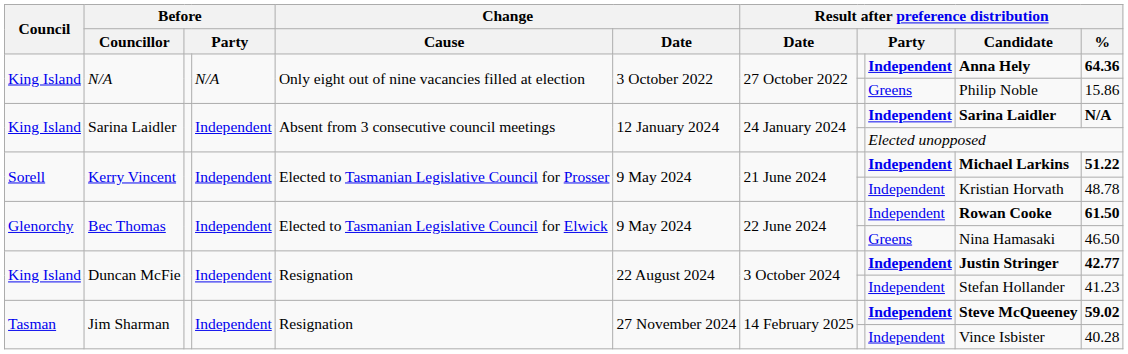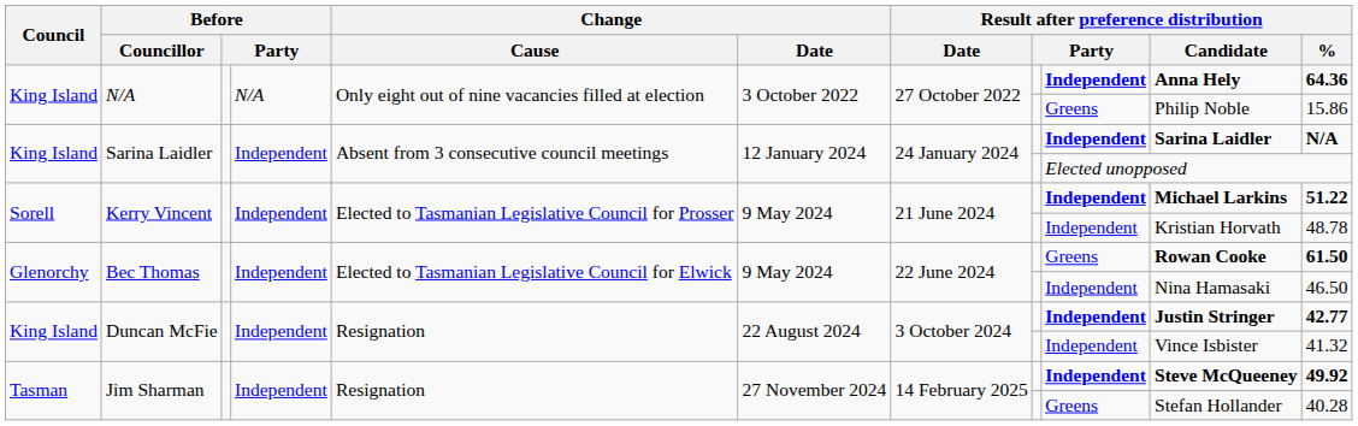 <table class="wikitable sortable" style="border: none;">
 <tr>
 <th rowspan="2">Council</th>
 <th colspan="3">Before</th>
 <th colspan="2">Change</th>
 <th colspan="7">Result after <a href='#'>preference distribution</a></th>
 </tr>
 <tr>
 <th>Councillor</th>
 <th colspan="2">Party</th>
 <th>Cause</th>
 <th>Date</th>
 <th>Date</th>
 <th colspan="2">Party</th>
 <th>Candidate</th>
 <th>%</th>
 </tr>
 <tr>
 <td rowspan="2"><a href='#'>King Island</a></td>
 <td rowspan="2"><em>N/A</em></td>
 <td rowspan="2" ></td>
 <td rowspan="2"><em>N/A</em></td>
 <td rowspan="2">Only eight out of nine vacancies filled at election</td>
 <td rowspan="2">3 October 2022</td>
 <td rowspan="2">27 October 2022</td>
 <td></td>
 <td><strong><a href='#'>Independent</a></strong></td>
 <td><strong>Anna Hely</strong></td>
 <td><strong>64.36</strong></td>
 </tr>
 <tr>
 <td></td>
 <td><a href='#'>Greens</a></td>
 <td>Philip Noble</td>
 <td>15.86</td>
 </tr>
 <tr>
 <td rowspan="2"><a href='#'>King Island</a></td>
 <td rowspan="2">Sarina Laidler</td>
 <td rowspan="2" ></td>
 <td rowspan="2"><a href='#'>Independent</a></td>
 <td rowspan="2">Absent from 3 consecutive council meetings</td>
 <td rowspan="2">12 January 2024</td>
 <td rowspan="2">24 January 2024</td>
 <td></td>
 <td><strong><a href='#'>Independent</a></strong></td>
 <td><strong>Sarina Laidler</strong></td>
 <td><strong>N/A</strong></td>
 </tr>
 <tr>
 <td></td>
 <td colspan="3"><em>Elected unopposed</em></td>
 </tr>
 <tr>
 <td rowspan="2"><a href='#'>Sorell</a></td>
 <td rowspan="2"><a href='#'>Kerry Vincent</a></td>
 <td rowspan="2" ></td>
 <td rowspan="2"><a href='#'>Independent</a></td>
 <td rowspan="2">Elected to <a href='#'>Tasmanian Legislative Council</a> for <a href='#'>Prosser</a></td>
 <td rowspan="2">9 May 2024</td>
 <td rowspan="2">21 June 2024</td>
 <td></td>
 <td><strong><a href='#'>Independent</a></strong></td>
 <td><strong>Michael Larkins</strong></td>
 <td><strong>51.22</strong></td>
 </tr>
 <tr>
 <td></td>
 <td><a href='#'>Independent</a></td>
 <td>Kristian Horvath</td>
 <td>48.78</td>
 </tr>
 <tr>
 <td rowspan="2"><a href='#'>Glenorchy</a></td>
 <td rowspan="2"><a href='#'>Bec Thomas</a></td>
 <td rowspan="2" ></td>
 <td rowspan="2"><a href='#'>Independent</a></td>
 <td rowspan="2">Elected to <a href='#'>Tasmanian Legislative Council</a> for <a href='#'>Elwick</a></td>
 <td rowspan="2">9 May 2024</td>
 <td rowspan="2">22 June 2024</td>
 <td></td>
-<td><a href='#'>Independent</a></td>
+<td><a href='#'>Greens</a></td>
 <td><strong>Rowan Cooke</strong></td>
 <td><strong>61.50</strong></td>
 </tr>
 <tr>
 <td></td>
-<td><a href='#'>Greens</a></td>
+<td><a href='#'>Independent</a></td>
 <td>Nina Hamasaki</td>
 <td>46.50</td>
 </tr>
 <tr>
 <td rowspan="2"><a href='#'>King Island</a></td>
 <td rowspan="2">Duncan McFie</td>
 <td rowspan="2" ></td>
 <td rowspan="2"><a href='#'>Independent</a></td>
 <td rowspan="2">Resignation</td>
 <td rowspan="2">22 August 2024</td>
 <td rowspan="2">3 October 2024</td>
 <td></td>
 <td><strong><a href='#'>Independent</a></strong></td>
 <td><strong>Justin Stringer</strong></td>
 <td><strong>42.77</strong></td>
 </tr>
 <tr>
 <td></td>
 <td><a href='#'>Independent</a></td>
-<td>Stefan Hollander</td>
-<td>41.23</td>
+<td>Vince Isbister</td>
+<td>41.32</td>
 </tr>
 <tr>
 <td rowspan="2"><a href='#'>Tasman</a></td>
 <td rowspan="2">Jim Sharman</td>
 <td rowspan="2" ></td>
 <td rowspan="2"><a href='#'>Independent</a></td>
 <td rowspan="2">Resignation</td>
 <td rowspan="2">27 November 2024</td>
 <td rowspan="2">14 February 2025</td>
 <td></td>
 <td><strong><a href='#'>Independent</a></strong></td>
 <td><strong>Steve McQueeney</strong></td>
-<td><strong>59.02</strong></td>
+<td><strong>49.92</strong></td>
 </tr>
 <tr>
 <td></td>
-<td><a href='#'>Independent</a></td>
-<td>Vince Isbister</td>
+<td><a href='#'>Greens</a></td>
+<td>Stefan Hollander</td>
 <td>40.28</td>
 </tr>
 </table>
